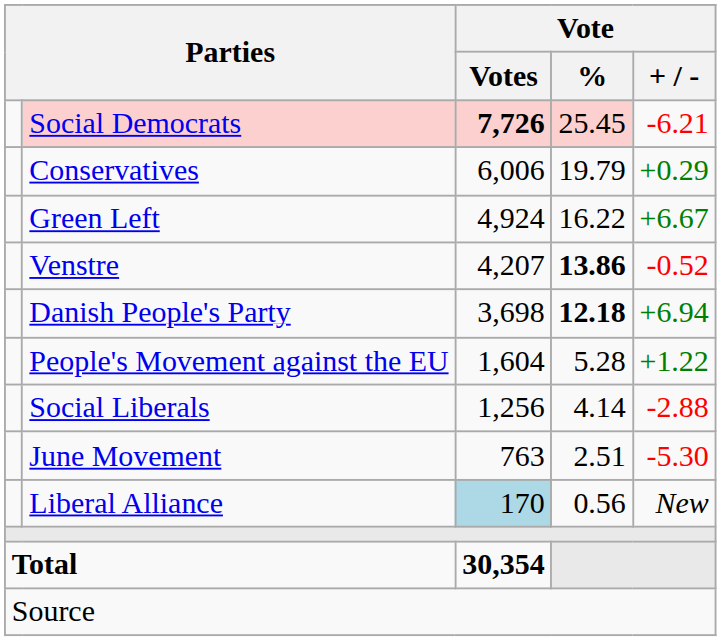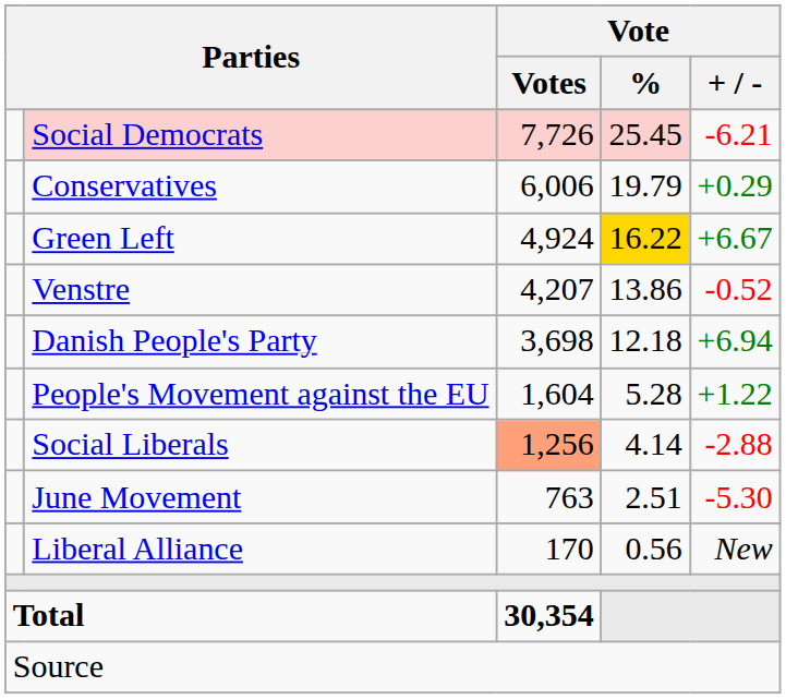 <table class="wikitable" style="text-align:right;">
 <tr>
 <th style="text-align:centre;" rowspan="2" colspan="2" width="225">Parties</th>
 <th colspan="3">Vote</th>
 </tr>
 <tr>
 <th width="15">Votes</th>
 <th width="15">%</th>
 <th width="15">+ / -</th>
 </tr>
 <tr>
 <td width="2" style="color:inherit;background:"></td>
 <td bgcolor=#fbd0ce   align="left"><a href='#'>Social Democrats</a></td>
-<td bgcolor=#fbd0ce><strong>7,726</strong></td>
+<td bgcolor=#fbd0ce>7,726</td>
 <td bgcolor=#fbd0ce>25.45</td>
 <td style=color:red;>-6.21</td>
 </tr>
 <tr>
 <td width="2" style="color:inherit;background:"></td>
 <td align="left"><a href='#'>Conservatives</a></td>
 <td>6,006</td>
 <td>19.79</td>
 <td style=color:green;>+0.29</td>
 </tr>
 <tr>
 <td width="2" style="color:inherit;background:"></td>
 <td align="left"><a href='#'>Green Left</a></td>
 <td>4,924</td>
-<td>16.22</td>
+<td style="background: gold;">16.22</td>
 <td style=color:green;>+6.67</td>
 </tr>
 <tr>
 <td width="2" style="color:inherit;background:"></td>
 <td align="left"><a href='#'>Venstre</a></td>
 <td>4,207</td>
-<td><strong>13.86</strong></td>
+<td>13.86</td>
 <td style=color:red;>-0.52</td>
 </tr>
 <tr>
 <td width="2" style="color:inherit;background:"></td>
 <td align="left"><a href='#'>Danish People's Party</a></td>
 <td>3,698</td>
-<td><strong>12.18</strong></td>
+<td>12.18</td>
 <td style=color:green;>+6.94</td>
 </tr>
 <tr>
 <td width="2" style="color:inherit;background:"></td>
 <td align="left"><a href='#'>People's Movement against the EU</a></td>
 <td>1,604</td>
 <td>5.28</td>
 <td style=color:green;>+1.22</td>
 </tr>
 <tr>
 <td width="2" style="color:inherit;background:"></td>
 <td align="left"><a href='#'>Social Liberals</a></td>
-<td>1,256</td>
+<td style="background: lightsalmon;">1,256</td>
 <td>4.14</td>
 <td style=color:red;>-2.88</td>
 </tr>
 <tr>
 <td width="2" style="color:inherit;background:"></td>
 <td align="left"><a href='#'>June Movement</a></td>
 <td>763</td>
 <td>2.51</td>
 <td style=color:red;>-5.30</td>
 </tr>
 <tr>
 <td width="2" style="color:inherit;background:"></td>
 <td align="left"><a href='#'>Liberal Alliance</a></td>
-<td style="background: lightblue;">170</td>
+<td>170</td>
 <td>0.56</td>
 <td><em>New</em></td>
 </tr>
 <tr>
 <td colspan="7" bgcolor="#E9E9E9"></td>
 </tr>
 <tr>
 <td align="left" colspan="2"><strong>Total</strong></td>
 <td><strong>30,354</strong></td>
 <td bgcolor="#E9E9E9" colspan="2"></td>
 </tr>
 <tr>
 <td align="left" colspan="6">Source</td>
 </tr>
 </table>
